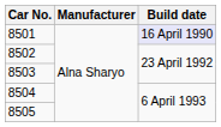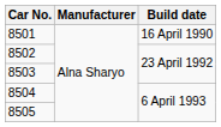 <table class="wikitable">
 <tr>
 <th>Car No.</th>
 <th>Manufacturer</th>
 <th>Build date</th>
 </tr>
 <tr>
 <td>8501</td>
 <td rowspan="5">Alna Sharyo</td>
-<td style="background: lavender;">16 April 1990</td>
+<td>16 April 1990</td>
 </tr>
 <tr>
 <td>8502</td>
 <td rowspan="2">23 April 1992</td>
 </tr>
 <tr>
 <td>8503</td>
 </tr>
 <tr>
 <td>8504</td>
 <td rowspan="2">6 April 1993</td>
 </tr>
 <tr>
 <td>8505</td>
 </tr>
 </table>
